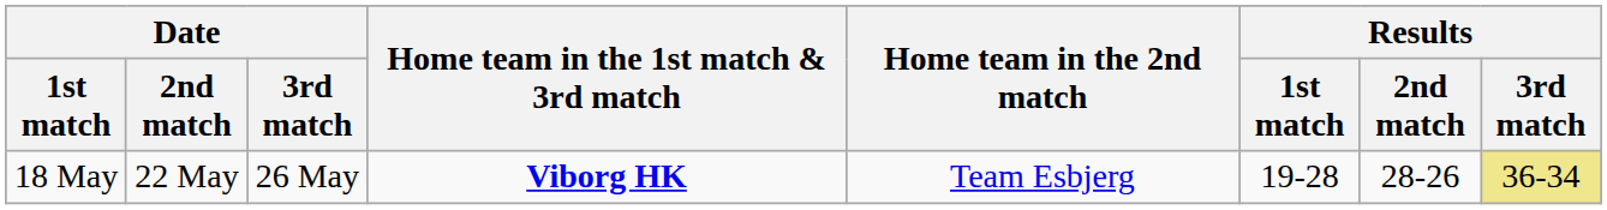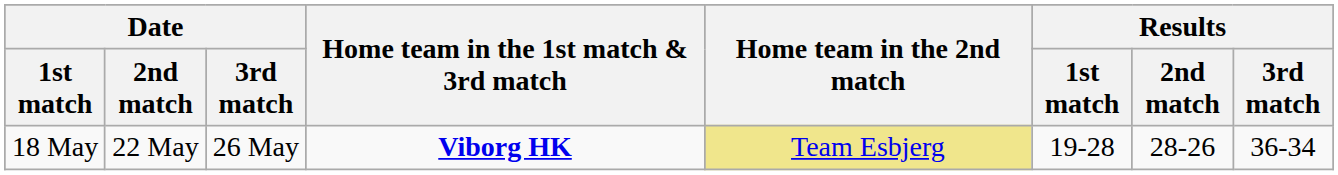 <table class="wikitable" style="text-align:center; margin-left:1em;">
 <tr>
 <th colspan="3">Date</th>
 <th rowspan="2" style="width:220px;">Home team in the 1st match & 3rd match</th>
 <th rowspan="2" style="width:180px;">Home team in the 2nd match</th>
 <th colspan="3">Results</th>
 </tr>
 <tr>
 <th style="width:50px;">1st match</th>
 <th style="width:50px;">2nd match</th>
 <th style="width:50px;">3rd match</th>
 <th style="width:50px;">1st match</th>
 <th style="width:50px;">2nd match</th>
 <th style="width:50px;">3rd match</th>
 </tr>
 <tr>
 <td>18 May</td>
 <td>22 May</td>
 <td>26 May</td>
 <td><strong><a href='#'>Viborg HK</a></strong></td>
-<td><a href='#'>Team Esbjerg</a></td>
+<td style="background: khaki;"><a href='#'>Team Esbjerg</a></td>
 <td>19-28</td>
 <td>28-26</td>
-<td style="background: khaki;">36-34</td>
+<td>36-34</td>
 </tr>
 </table>
